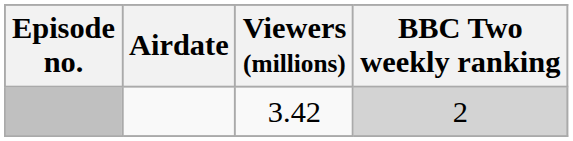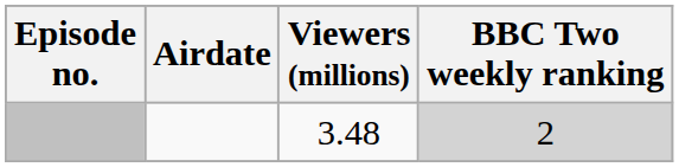 <table class="wikitable" style="text-align:center;">
 <tr>
 <th scope="col">Episode<br>no.</th>
 <th scope="col">Airdate</th>
 <th scope="col">Viewers<br><small>(millions)</small></th>
 <th scope="col">BBC Two<br>weekly ranking</th>
 </tr>
 <tr>
 <th scope="row" style="background:silver;"></th>
 <td></td>
-<td>3.42</td>
+<td>3.48</td>
 <td style="background: lightgrey;">2</td>
 </tr>
 </table>
